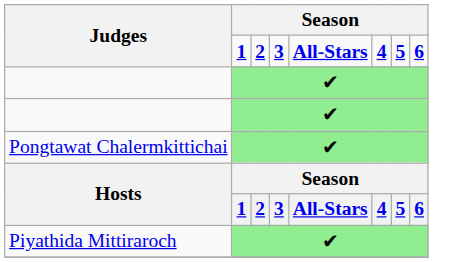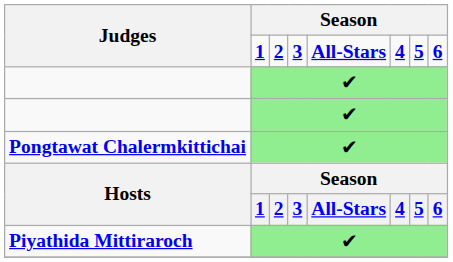 <table class="wikitable">
 <tr>
 <th rowspan="2">Judges</th>
 <th colspan="7">Season</th>
 </tr>
 <tr>
 <td><strong><a href='#'>1</a></strong></td>
 <td><strong><a href='#'>2</a></strong></td>
 <td><strong><a href='#'>3</a></strong></td>
 <td><strong><a href='#'>All-Stars</a></strong></td>
 <td><strong><a href='#'>4</a></strong></td>
 <td><strong><a href='#'>5</a></strong></td>
 <td><strong><a href='#'>6</a></strong></td>
 </tr>
 <tr>
 <td></td>
 <td colspan="7" style="background:lightgreen; text-align:center;">✔</td>
 </tr>
 <tr>
 <td></td>
 <td colspan="7" style="background:lightgreen; text-align:center;">✔</td>
 </tr>
 <tr>
-<td><a href='#'>Pongtawat Chalermkittichai</a></td>
+<td><strong><a href='#'>Pongtawat Chalermkittichai</a></strong></td>
 <td colspan="7" style="background:lightgreen; text-align:center;">✔</td>
 </tr>
 <tr>
 <th rowspan="2">Hosts</th>
 <th colspan="7">Season</th>
 </tr>
 <tr>
 <th><strong><a href='#'>1</a></strong></th>
 <th><strong><a href='#'>2</a></strong></th>
 <th><strong><a href='#'>3</a></strong></th>
 <th><strong><a href='#'>All-Stars</a></strong></th>
 <th><strong><a href='#'>4</a></strong></th>
 <th><strong><a href='#'>5</a></strong></th>
 <th><strong><a href='#'>6</a></strong></th>
 </tr>
 <tr>
-<td><a href='#'>Piyathida Mittiraroch</a></td>
+<td><strong><a href='#'>Piyathida Mittiraroch</a></strong></td>
 <td colspan="10" style="background:lightgreen; text-align:center;">✔</td>
 </tr>
 <tr>
 </tr>
 <tr>
 </tr>
 </table>
